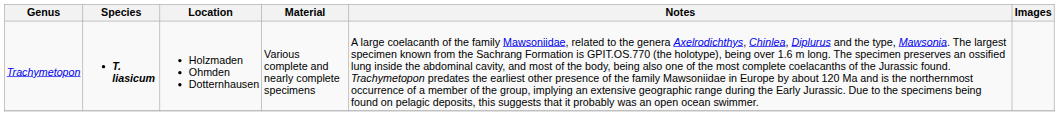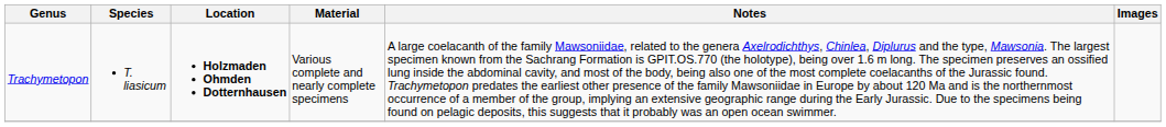 <table class = "wikitable">
 <tr>
 <th>Genus</th>
 <th>Species</th>
 <th>Location</th>
 <th>Material</th>
 <th>Notes</th>
 <th>Images</th>
 </tr>
 <tr>
 <td><br><em><a href='#'>Trachymetopon</a></em></td>
-<td><strong><br><ul><li><em>T. liasicum</em></li></ul></strong></td>
-<td><br><ul><li>Holzmaden</li><li>Ohmden</li><li>Dotternhausen</li></ul></td>
+<td><br><ul><li><em>T. liasicum</em></li></ul></td>
+<td><strong><br><ul><li>Holzmaden</li><li>Ohmden</li><li>Dotternhausen</li></ul></strong></td>
 <td><br>Various complete and nearly complete specimens</td>
 <td><br>A large coelacanth of the family <a href='#'>Mawsoniidae</a>, related to the genera <em><a href='#'>Axelrodichthys</a></em>, <em><a href='#'>Chinlea</a></em>, <em><a href='#'>Diplurus</a></em> and the type, <em><a href='#'>Mawsonia</a></em>. The largest specimen known from the Sachrang Formation is GPIT.OS.770 (the holotype), being over 1.6 m long. The specimen preserves an ossified lung inside the abdominal cavity, and most of the body, being also one of the most complete coelacanths of the Jurassic found.  <em>Trachymetopon</em> predates the earliest other presence of the family Mawsoniidae in Europe by about 120 Ma and is the northernmost occurrence of a member of the group, implying an extensive geographic range during the Early Jurassic. Due to the specimens being found on pelagic deposits, this suggests that it probably was an open ocean swimmer.</td>
 <td><br></td>
 </tr>
 <tr>
 </tr>
 </table>
